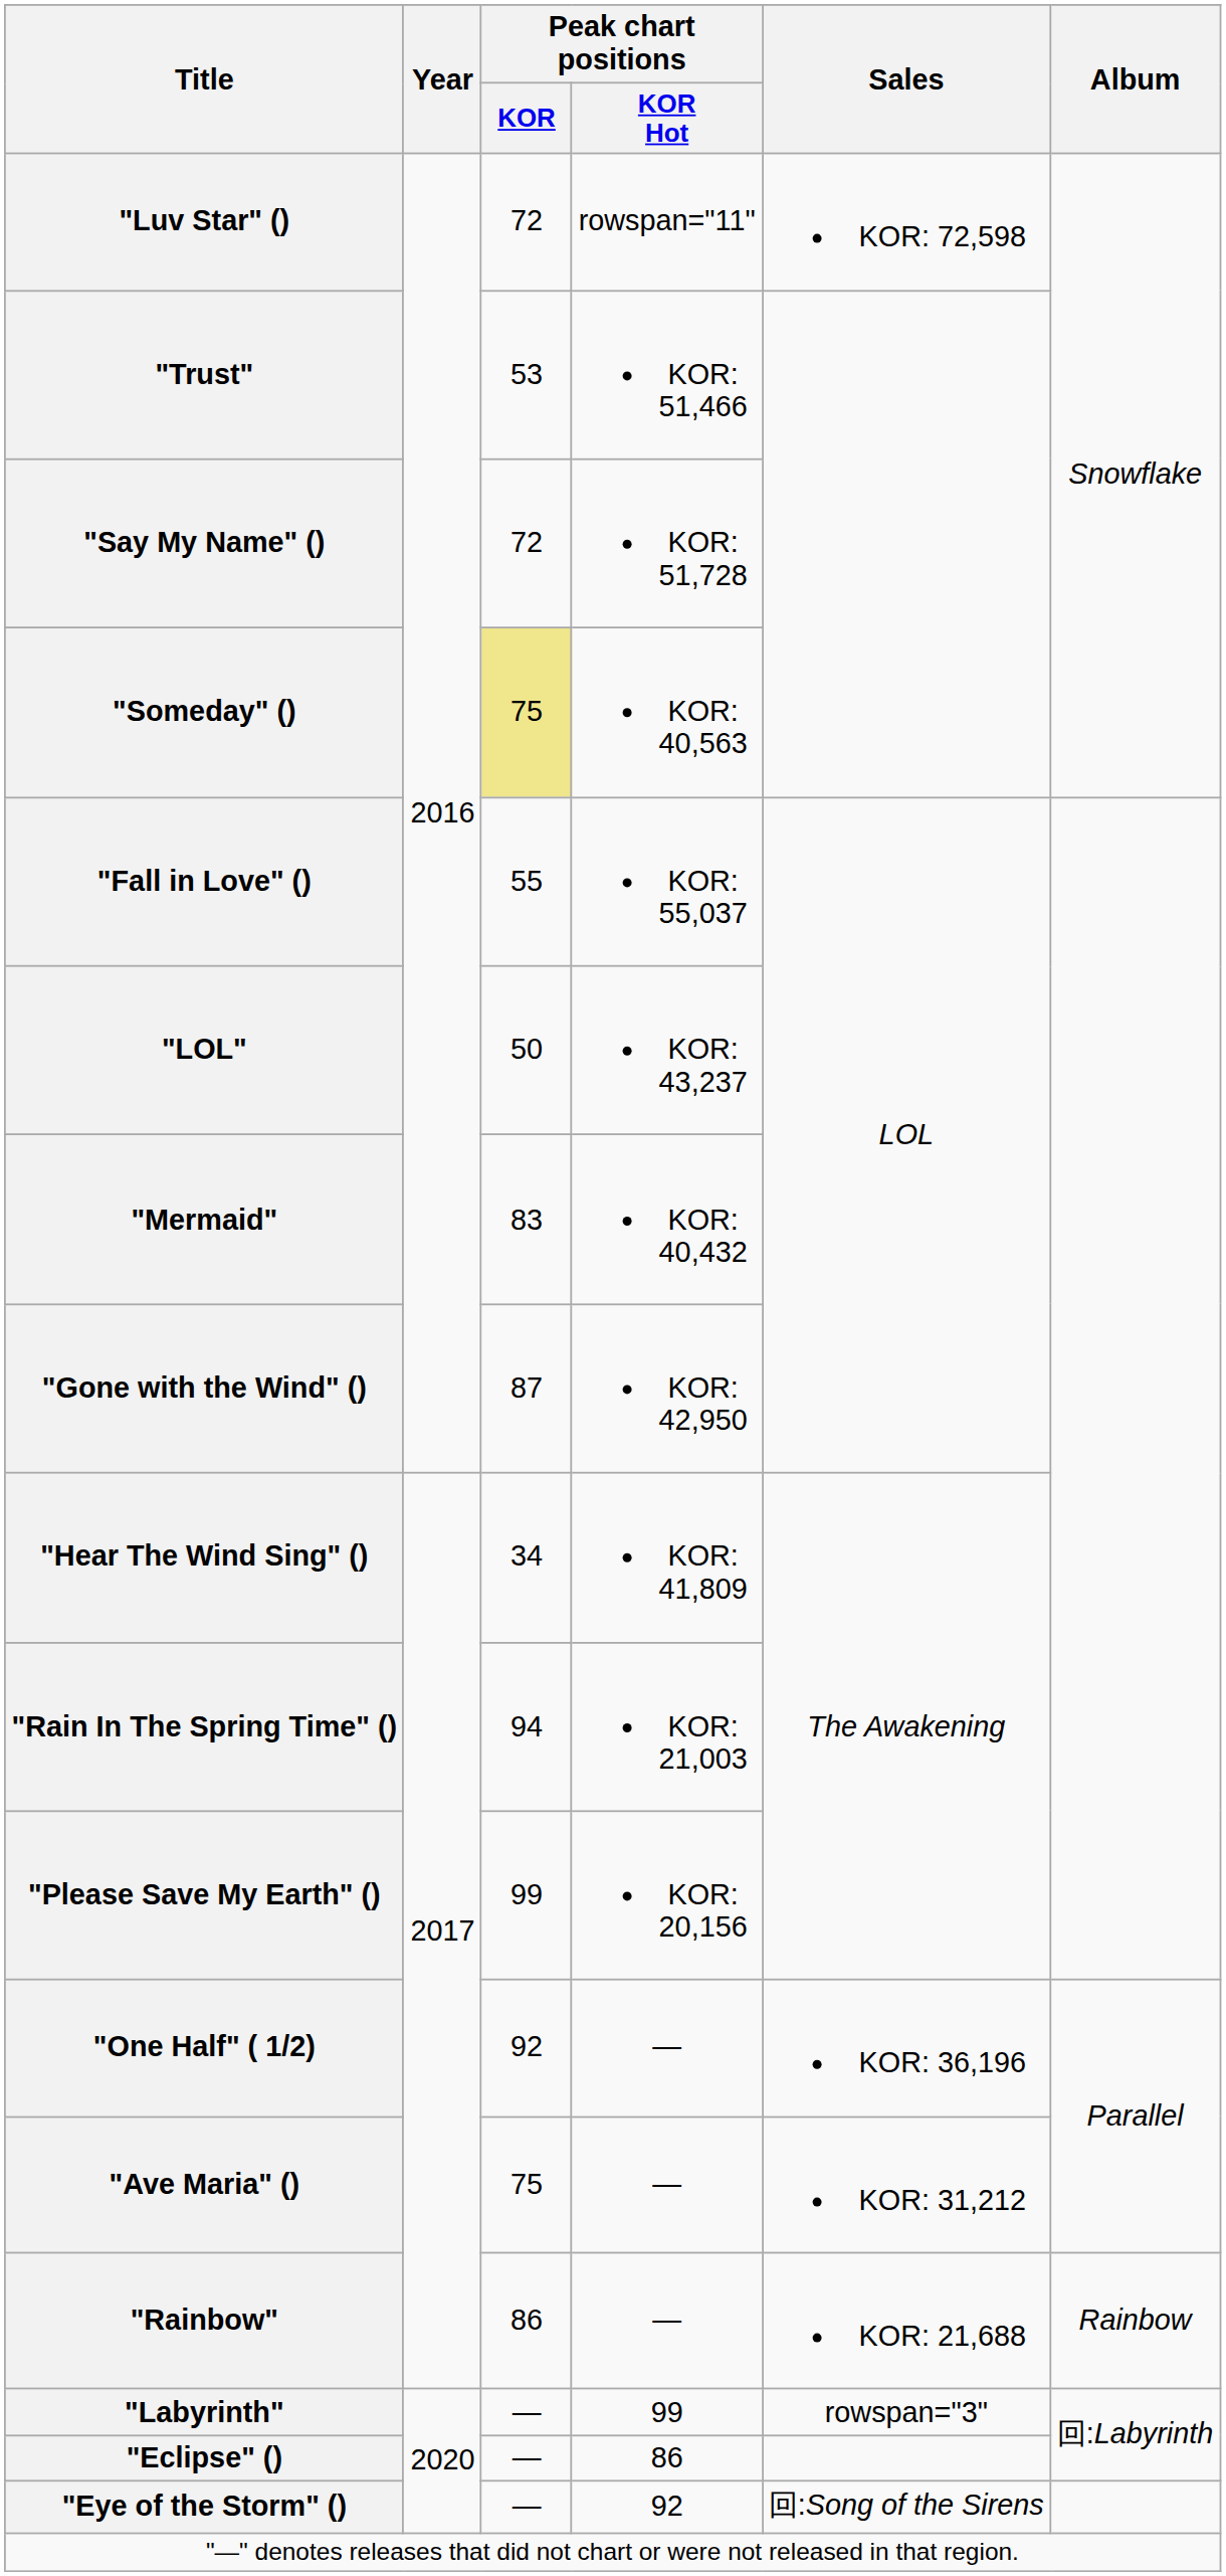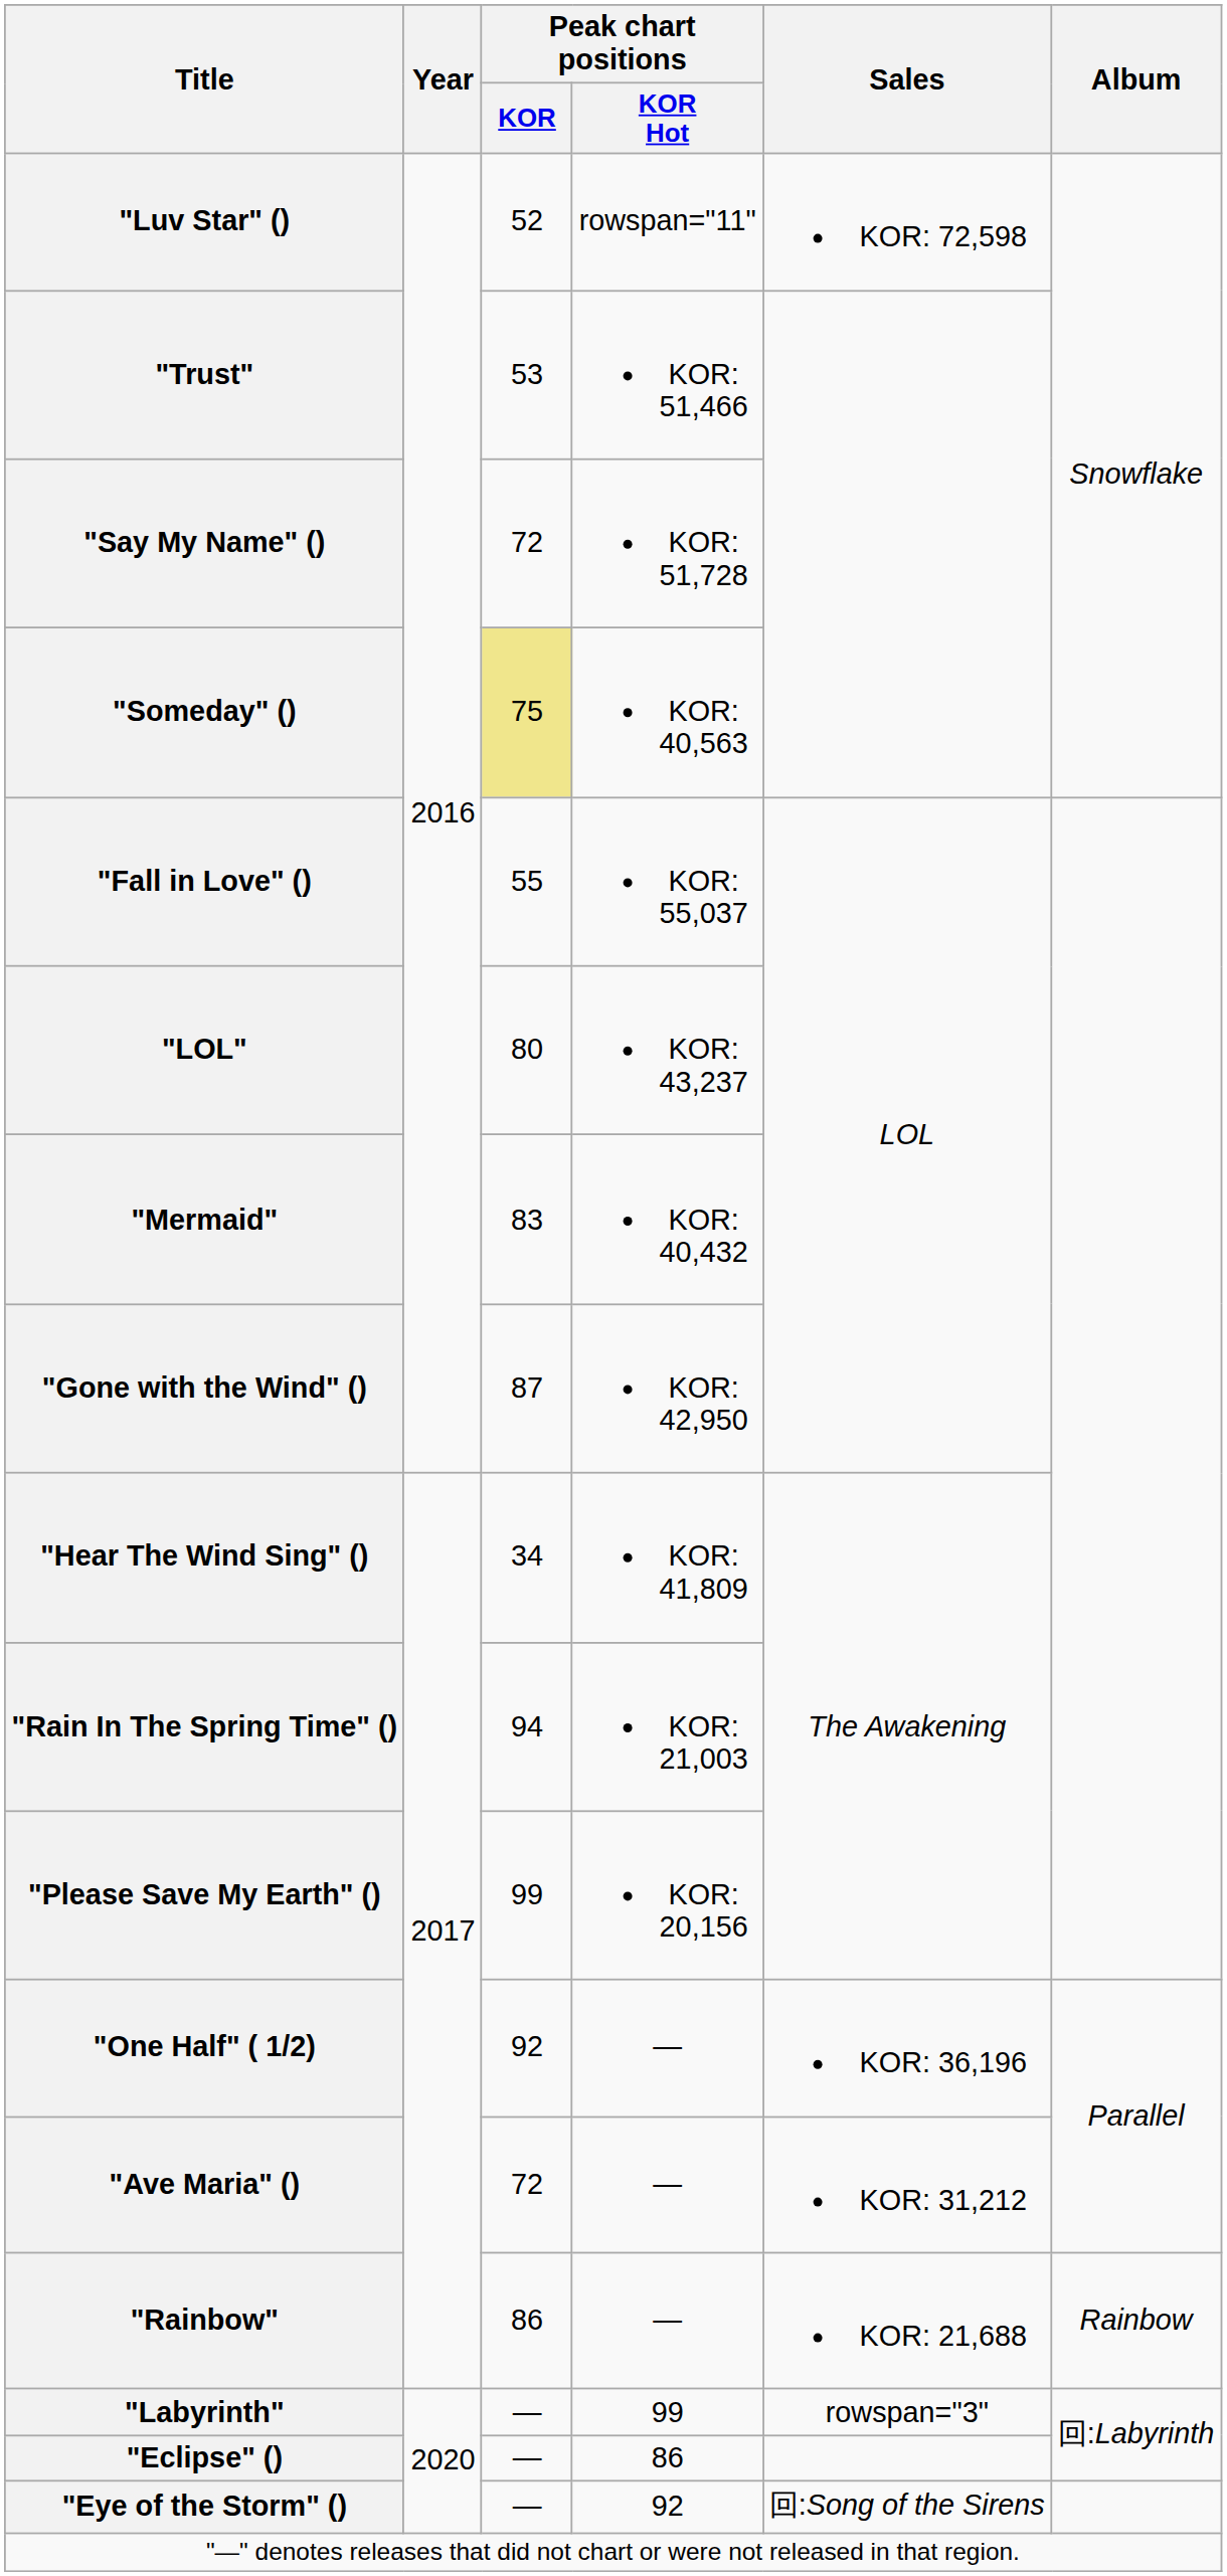 <table class="wikitable plainrowheaders" style="text-align:center" border="1">
 <tr>
 <th scope="col" rowspan="2">Title</th>
 <th scope="col" rowspan="2">Year</th>
 <th scope="col" colspan="2">Peak chart positions</th>
 <th scope="col" rowspan="2">Sales<br></th>
 <th scope="col" rowspan="2">Album</th>
 </tr>
 <tr>
 <th scope="col" style="width:3em;font-size:90%"><a href='#'>KOR</a><br></th>
 <th scope="col" style="width:3em;font-size:90%"><a href='#'>KOR<br>Hot</a><br></th>
 </tr>
 <tr>
 <th scope="row">"Luv Star" ()</th>
 <td rowspan="8">2016</td>
-<td>72</td>
+<td>52</td>
 <td>rowspan="11" </td>
 <td><br><ul><li>KOR: 72,598</li></ul></td>
 <td rowspan="4"><em>Snowflake</em></td>
 </tr>
 <tr>
 <th scope="row">"Trust"</th>
 <td>53</td>
 <td><br><ul><li>KOR: 51,466</li></ul></td>
 </tr>
 <tr>
 <th scope="row">"Say My Name" ()</th>
 <td>72</td>
 <td><br><ul><li>KOR: 51,728</li></ul></td>
 </tr>
 <tr>
 <th scope="row">"Someday" ()</th>
 <td style="background: khaki;">75</td>
 <td><br><ul><li>KOR: 40,563</li></ul></td>
 </tr>
 <tr>
 <th scope="row">"Fall in Love" ()</th>
 <td>55</td>
 <td><br><ul><li>KOR: 55,037</li></ul></td>
 <td rowspan="4"><em>LOL</em></td>
 </tr>
 <tr>
 <th scope="row">"LOL"</th>
-<td>50</td>
+<td>80</td>
 <td><br><ul><li>KOR: 43,237</li></ul></td>
 </tr>
 <tr>
 <th scope="row">"Mermaid"</th>
 <td>83</td>
 <td><br><ul><li>KOR: 40,432</li></ul></td>
 </tr>
 <tr>
 <th scope="row">"Gone with the Wind" ()</th>
 <td>87</td>
 <td><br><ul><li>KOR: 42,950</li></ul></td>
 </tr>
 <tr>
 <th scope="row">"Hear The Wind Sing" ()</th>
 <td rowspan="6">2017</td>
 <td>34</td>
 <td><br><ul><li>KOR: 41,809</li></ul></td>
 <td rowspan="3"><em>The Awakening</em></td>
 </tr>
 <tr>
 <th scope="row">"Rain In The Spring Time" ()</th>
 <td>94</td>
 <td><br><ul><li>KOR: 21,003</li></ul></td>
 </tr>
 <tr>
 <th scope="row">"Please Save My Earth" ()</th>
 <td>99</td>
 <td><br><ul><li>KOR: 20,156</li></ul></td>
 </tr>
 <tr>
 <th scope="row">"One Half" ( 1/2)</th>
 <td>92</td>
 <td>—</td>
 <td><br><ul><li>KOR: 36,196</li></ul></td>
 <td rowspan="2"><em>Parallel</em></td>
 </tr>
 <tr>
 <th scope="row">"Ave Maria" ()</th>
-<td>75</td>
+<td>72</td>
 <td>—</td>
 <td><br><ul><li>KOR: 31,212</li></ul></td>
 </tr>
 <tr>
 <th scope="row">"Rainbow"</th>
 <td>86</td>
 <td>—</td>
 <td><br><ul><li>KOR: 21,688</li></ul></td>
 <td><em>Rainbow</em></td>
 </tr>
 <tr>
 <th scope="row">"Labyrinth"</th>
 <td rowspan="3">2020</td>
 <td>—</td>
 <td>99</td>
 <td>rowspan="3" </td>
 <td rowspan="2">回:<em>Labyrinth</em></td>
 </tr>
 <tr>
 <th scope="row">"Eclipse" ()</th>
 <td>—</td>
 <td>86</td>
 </tr>
 <tr>
 <th scope="row">"Eye of the Storm" ()</th>
 <td>—</td>
 <td>92</td>
 <td>回:<em>Song of the Sirens</em></td>
 </tr>
 <tr>
 <td colspan="6" style="font-size:85%">"—" denotes releases that did not chart or were not released in that region.</td>
 </tr>
 </table>
